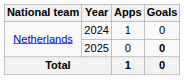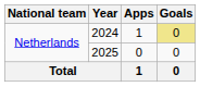 <table class="wikitable" style="text-align:center">
 <tr>
 <th>National team</th>
 <th>Year</th>
 <th>Apps</th>
 <th>Goals</th>
 </tr>
 <tr>
 <td rowspan="2"><a href='#'>Netherlands</a></td>
 <td>2024</td>
 <td>1</td>
-<td>0</td>
+<td style="background: khaki;">0</td>
 </tr>
 <tr>
 <td>2025</td>
 <td>0</td>
-<td><strong>0</strong></td>
+<td>0</td>
 </tr>
 <tr>
 <th colspan="2">Total</th>
 <th>1</th>
 <th>0</th>
 </tr>
 </table>
